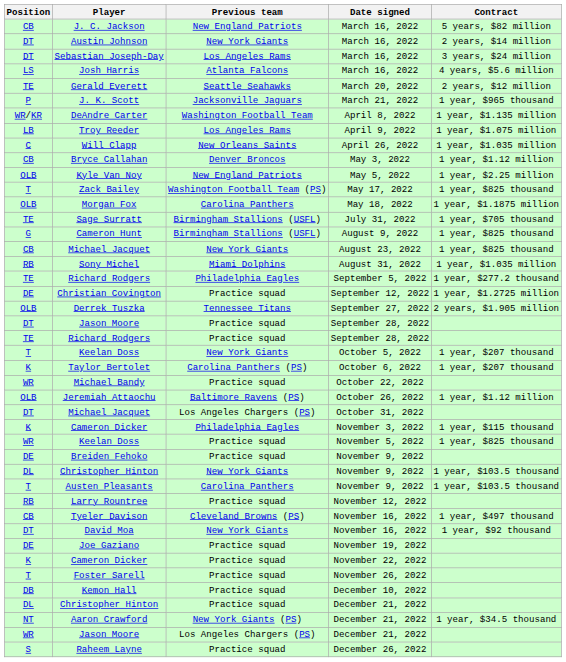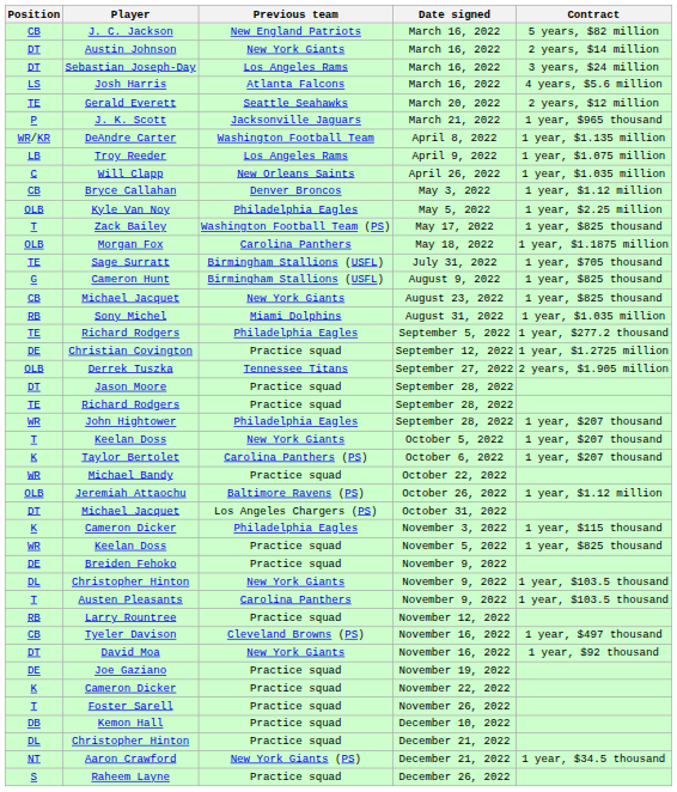 <table class="wikitable" style="text-align:center">
 <tr>
 <th>Position</th>
 <th>Player</th>
 <th>Previous team</th>
 <th>Date signed</th>
 <th>Contract</th>
 </tr>
 <tr style="background:#cfc">
 <td><a href='#'>CB</a></td>
 <td><a href='#'>J. C. Jackson</a></td>
 <td><a href='#'>New England Patriots</a></td>
 <td>March 16, 2022</td>
 <td>5 years, $82 million</td>
 </tr>
 <tr style="background:#cfc">
 <td><a href='#'>DT</a></td>
 <td><a href='#'>Austin Johnson</a></td>
 <td><a href='#'>New York Giants</a></td>
 <td>March 16, 2022</td>
 <td>2 years, $14 million</td>
 </tr>
 <tr style="background:#cfc">
 <td><a href='#'>DT</a></td>
 <td><a href='#'>Sebastian Joseph-Day</a></td>
 <td><a href='#'>Los Angeles Rams</a></td>
 <td>March 16, 2022</td>
 <td>3 years, $24 million</td>
 </tr>
 <tr style="background:#cfc">
 <td><a href='#'>LS</a></td>
 <td><a href='#'>Josh Harris</a></td>
 <td><a href='#'>Atlanta Falcons</a></td>
 <td>March 16, 2022</td>
 <td>4 years, $5.6 million</td>
 </tr>
 <tr style="background:#cfc">
 <td><a href='#'>TE</a></td>
 <td><a href='#'>Gerald Everett</a></td>
 <td><a href='#'>Seattle Seahawks</a></td>
 <td>March 20, 2022</td>
 <td>2 years, $12 million</td>
 </tr>
 <tr style="background:#cfc">
 <td><a href='#'>P</a></td>
 <td><a href='#'>J. K. Scott</a></td>
 <td><a href='#'>Jacksonville Jaguars</a></td>
 <td>March 21, 2022</td>
 <td>1 year, $965 thousand</td>
 </tr>
 <tr style="background:#cfc">
 <td><a href='#'>WR</a>/<a href='#'>KR</a></td>
 <td><a href='#'>DeAndre Carter</a></td>
 <td><a href='#'>Washington Football Team</a></td>
 <td>April 8, 2022</td>
 <td>1 year, $1.135 million</td>
 </tr>
 <tr style="background:#cfc">
 <td><a href='#'>LB</a></td>
 <td><a href='#'>Troy Reeder</a></td>
 <td><a href='#'>Los Angeles Rams</a></td>
 <td>April 9, 2022</td>
 <td>1 year, $1.075 million</td>
 </tr>
 <tr style="background:#cfc">
 <td><a href='#'>C</a></td>
 <td><a href='#'>Will Clapp</a></td>
 <td><a href='#'>New Orleans Saints</a></td>
 <td>April 26, 2022</td>
 <td>1 year, $1.035 million</td>
 </tr>
 <tr style="background:#cfc">
 <td><a href='#'>CB</a></td>
 <td><a href='#'>Bryce Callahan</a></td>
 <td><a href='#'>Denver Broncos</a></td>
 <td>May 3, 2022</td>
 <td>1 year, $1.12 million</td>
 </tr>
 <tr style="background:#cfc">
 <td><a href='#'>OLB</a></td>
 <td><a href='#'>Kyle Van Noy</a></td>
-<td><a href='#'>New England Patriots</a></td>
+<td><a href='#'>Philadelphia Eagles</a></td>
 <td>May 5, 2022</td>
 <td>1 year, $2.25 million</td>
 </tr>
 <tr style="background:#cfc">
 <td><a href='#'>T</a></td>
 <td><a href='#'>Zack Bailey</a></td>
 <td><a href='#'>Washington Football Team</a> (<a href='#'>PS</a>)</td>
 <td>May 17, 2022</td>
 <td>1 year, $825 thousand</td>
 </tr>
 <tr style="background:#cfc">
 <td><a href='#'>OLB</a></td>
 <td><a href='#'>Morgan Fox</a></td>
 <td><a href='#'>Carolina Panthers</a></td>
 <td>May 18, 2022</td>
 <td>1 year, $1.1875 million</td>
 </tr>
 <tr style="background:#cfc">
 <td><a href='#'>TE</a></td>
 <td><a href='#'>Sage Surratt</a></td>
 <td><a href='#'>Birmingham Stallions</a> (<a href='#'>USFL</a>)</td>
 <td>July 31, 2022</td>
 <td>1 year, $705 thousand</td>
 </tr>
 <tr style="background:#cfc">
 <td><a href='#'>G</a></td>
 <td><a href='#'>Cameron Hunt</a></td>
 <td><a href='#'>Birmingham Stallions</a> (<a href='#'>USFL</a>)</td>
 <td>August 9, 2022</td>
 <td>1 year, $825 thousand</td>
 </tr>
 <tr style="background:#cfc">
 <td><a href='#'>CB</a></td>
 <td><a href='#'>Michael Jacquet</a></td>
 <td><a href='#'>New York Giants</a></td>
 <td>August 23, 2022</td>
 <td>1 year, $825 thousand</td>
 </tr>
 <tr style="background:#cfc">
 <td><a href='#'>RB</a></td>
 <td><a href='#'>Sony Michel</a></td>
 <td><a href='#'>Miami Dolphins</a></td>
 <td>August 31, 2022</td>
 <td>1 year, $1.035 million</td>
 </tr>
 <tr style="background:#cfc">
 <td><a href='#'>TE</a></td>
 <td><a href='#'>Richard Rodgers</a></td>
 <td><a href='#'>Philadelphia Eagles</a></td>
 <td>September 5, 2022</td>
 <td>1 year, $277.2 thousand</td>
 </tr>
 <tr style="background:#cfc">
 <td><a href='#'>DE</a></td>
 <td><a href='#'>Christian Covington</a></td>
 <td>Practice squad</td>
 <td>September 12, 2022</td>
 <td>1 year, $1.2725 million</td>
 </tr>
 <tr style="background:#cfc">
 <td><a href='#'>OLB</a></td>
 <td><a href='#'>Derrek Tuszka</a></td>
 <td><a href='#'>Tennessee Titans</a></td>
 <td>September 27, 2022</td>
 <td>2 years, $1.905 million</td>
 </tr>
 <tr style="background:#cfc">
 <td><a href='#'>DT</a></td>
 <td><a href='#'>Jason Moore</a></td>
 <td>Practice squad</td>
 <td>September 28, 2022</td>
 <td></td>
 </tr>
 <tr style="background:#cfc">
 <td><a href='#'>TE</a></td>
 <td><a href='#'>Richard Rodgers</a></td>
 <td>Practice squad</td>
 <td>September 28, 2022</td>
 <td></td>
+</tr>
+<tr style="background:#cfc">
+<td><a href='#'>WR</a></td>
+<td><a href='#'>John Hightower</a></td>
+<td><a href='#'>Philadelphia Eagles</a></td>
+<td>September 28, 2022</td>
+<td>1 year, $207 thousand</td>
 </tr>
 <tr style="background:#cfc">
 <td><a href='#'>T</a></td>
 <td><a href='#'>Keelan Doss</a></td>
 <td><a href='#'>New York Giants</a></td>
 <td>October 5, 2022</td>
 <td>1 year, $207 thousand</td>
 </tr>
 <tr style="background:#cfc">
 <td><a href='#'>K</a></td>
 <td><a href='#'>Taylor Bertolet</a></td>
 <td><a href='#'>Carolina Panthers</a> (<a href='#'>PS</a>)</td>
 <td>October 6, 2022</td>
 <td>1 year, $207 thousand</td>
 </tr>
 <tr style="background:#cfc">
 <td><a href='#'>WR</a></td>
 <td><a href='#'>Michael Bandy</a></td>
 <td>Practice squad</td>
 <td>October 22, 2022</td>
 <td></td>
 </tr>
 <tr style="background:#cfc">
 <td><a href='#'>OLB</a></td>
 <td><a href='#'>Jeremiah Attaochu</a></td>
 <td><a href='#'>Baltimore Ravens</a> (<a href='#'>PS</a>)</td>
 <td>October 26, 2022</td>
 <td>1 year, $1.12 million</td>
 </tr>
 <tr style="background:#cfc">
 <td><a href='#'>DT</a></td>
 <td><a href='#'>Michael Jacquet</a></td>
 <td>Los Angeles Chargers (<a href='#'>PS</a>)</td>
 <td>October 31, 2022</td>
 <td></td>
 </tr>
 <tr style="background:#cfc">
 <td><a href='#'>K</a></td>
 <td><a href='#'>Cameron Dicker</a></td>
 <td><a href='#'>Philadelphia Eagles</a></td>
 <td>November 3, 2022</td>
 <td>1 year, $115 thousand</td>
 </tr>
 <tr style="background:#cfc">
 <td><a href='#'>WR</a></td>
 <td><a href='#'>Keelan Doss</a></td>
 <td>Practice squad</td>
 <td>November 5, 2022</td>
 <td>1 year, $825 thousand</td>
 </tr>
 <tr style="background:#cfc">
 <td><a href='#'>DE</a></td>
 <td><a href='#'>Breiden Fehoko</a></td>
 <td>Practice squad</td>
 <td>November 9, 2022</td>
 <td></td>
 </tr>
 <tr style="background:#cfc">
 <td><a href='#'>DL</a></td>
 <td><a href='#'>Christopher Hinton</a></td>
 <td><a href='#'>New York Giants</a></td>
 <td>November 9, 2022</td>
 <td>1 year, $103.5 thousand</td>
 </tr>
 <tr style="background:#cfc">
 <td><a href='#'>T</a></td>
 <td><a href='#'>Austen Pleasants</a></td>
 <td><a href='#'>Carolina Panthers</a></td>
 <td>November 9, 2022</td>
 <td>1 year, $103.5 thousand</td>
 </tr>
 <tr style="background:#cfc">
 <td><a href='#'>RB</a></td>
 <td><a href='#'>Larry Rountree</a></td>
 <td>Practice squad</td>
 <td>November 12, 2022</td>
 <td></td>
 </tr>
 <tr style="background:#cfc">
 <td><a href='#'>CB</a></td>
 <td><a href='#'>Tyeler Davison</a></td>
 <td><a href='#'>Cleveland Browns</a> (<a href='#'>PS</a>)</td>
 <td>November 16, 2022</td>
 <td>1 year, $497 thousand</td>
 </tr>
 <tr style="background:#cfc">
 <td><a href='#'>DT</a></td>
 <td><a href='#'>David Moa</a></td>
 <td><a href='#'>New York Giants</a></td>
 <td>November 16, 2022</td>
 <td>1 year, $92 thousand</td>
 </tr>
 <tr style="background:#cfc">
 <td><a href='#'>DE</a></td>
 <td><a href='#'>Joe Gaziano</a></td>
 <td>Practice squad</td>
 <td>November 19, 2022</td>
 <td></td>
 </tr>
 <tr style="background:#cfc">
 <td><a href='#'>K</a></td>
 <td><a href='#'>Cameron Dicker</a></td>
 <td>Practice squad</td>
 <td>November 22, 2022</td>
 <td></td>
 </tr>
 <tr style="background:#cfc">
 <td><a href='#'>T</a></td>
 <td><a href='#'>Foster Sarell</a></td>
 <td>Practice squad</td>
 <td>November 26, 2022</td>
 <td></td>
 </tr>
 <tr style="background:#cfc">
 <td><a href='#'>DB</a></td>
 <td><a href='#'>Kemon Hall</a></td>
 <td>Practice squad</td>
 <td>December 10, 2022</td>
 <td></td>
 </tr>
 <tr style="background:#cfc">
 <td><a href='#'>DL</a></td>
 <td><a href='#'>Christopher Hinton</a></td>
 <td>Practice squad</td>
 <td>December 21, 2022</td>
 <td></td>
 </tr>
 <tr style="background:#cfc">
 <td><a href='#'>NT</a></td>
 <td><a href='#'>Aaron Crawford</a></td>
 <td><a href='#'>New York Giants</a> (<a href='#'>PS</a>)</td>
 <td>December 21, 2022</td>
 <td>1 year, $34.5 thousand</td>
 </tr>
 <tr style="background:#cfc">
-<td><a href='#'>WR</a></td>
-<td><a href='#'>Jason Moore</a></td>
-<td>Los Angeles Chargers (<a href='#'>PS</a>)</td>
-<td>December 21, 2022</td>
-<td></td>
-</tr>
-<tr style="background:#cfc">
 <td><a href='#'>S</a></td>
 <td><a href='#'>Raheem Layne</a></td>
 <td>Practice squad</td>
 <td>December 26, 2022</td>
 <td></td>
 </tr>
 </table>
